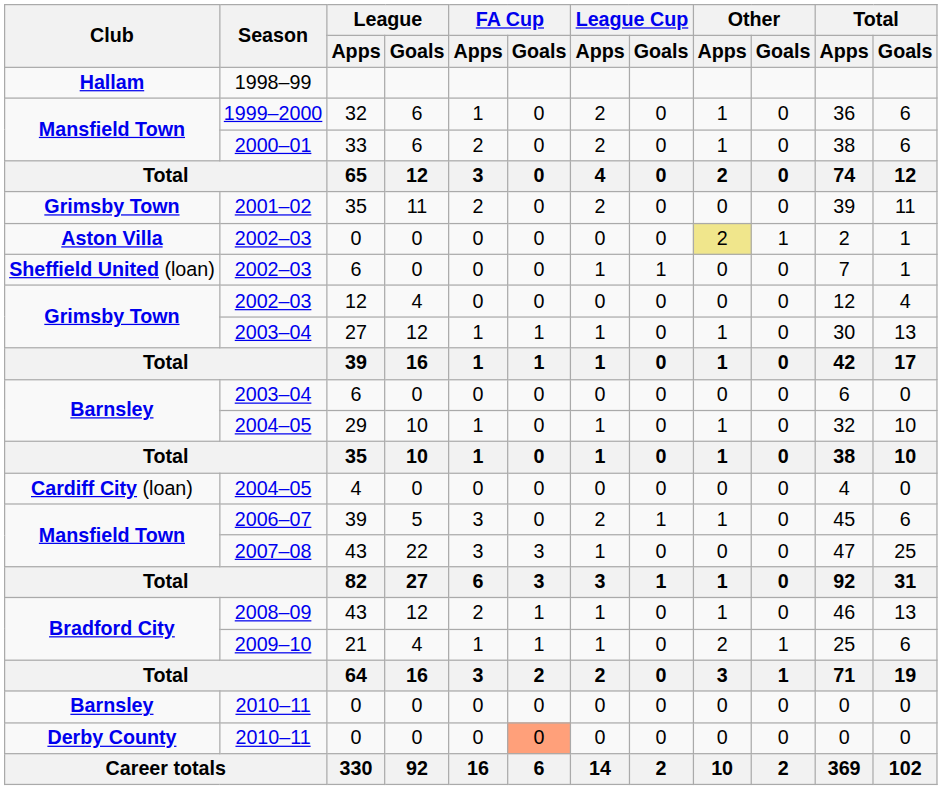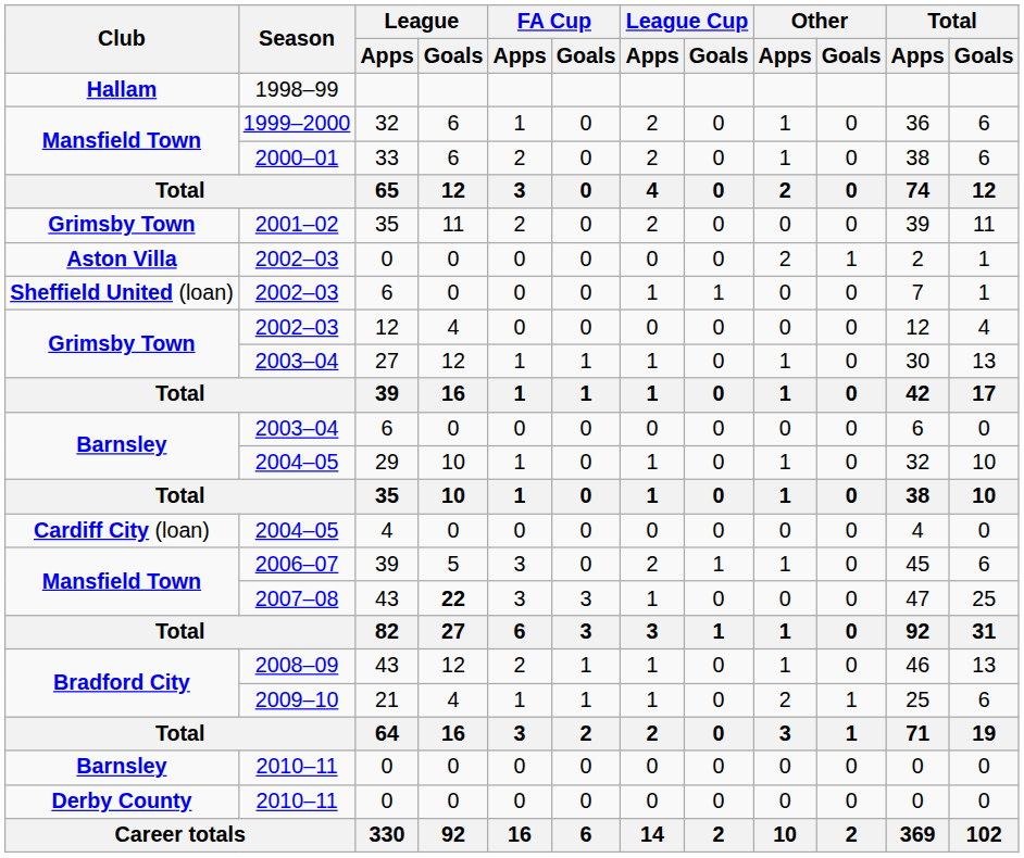 <table class="wikitable" style="text-align: center;">
 <tr>
 <th rowspan="2">Club</th>
 <th rowspan="2">Season</th>
 <th colspan="2">League</th>
 <th colspan="2"><a href='#'>FA Cup</a></th>
 <th colspan="2"><a href='#'>League Cup</a></th>
 <th colspan="2">Other</th>
 <th colspan="2">Total</th>
 </tr>
 <tr>
 <th>Apps</th>
 <th>Goals</th>
 <th>Apps</th>
 <th>Goals</th>
 <th>Apps</th>
 <th>Goals</th>
 <th>Apps</th>
 <th>Goals</th>
 <th>Apps</th>
 <th>Goals</th>
 </tr>
 <tr>
 <td valign="center"><strong><a href='#'>Hallam</a></strong></td>
 <td>1998–99</td>
 <td></td>
 <td></td>
 <td></td>
 <td></td>
 <td></td>
 <td></td>
 <td></td>
 <td></td>
 <td></td>
 <td></td>
 </tr>
 <tr>
 <td rowspan="2" valign="center"><strong><a href='#'>Mansfield Town</a></strong></td>
 <td><a href='#'>1999–2000</a></td>
 <td>32</td>
 <td>6</td>
 <td>1</td>
 <td>0</td>
 <td>2</td>
 <td>0</td>
 <td>1</td>
 <td>0</td>
 <td>36</td>
 <td>6</td>
 </tr>
 <tr>
 <td><a href='#'>2000–01</a></td>
 <td>33</td>
 <td>6</td>
 <td>2</td>
 <td>0</td>
 <td>2</td>
 <td>0</td>
 <td>1</td>
 <td>0</td>
 <td>38</td>
 <td>6</td>
 </tr>
 <tr>
 <th colspan="2">Total</th>
 <th>65</th>
 <th>12</th>
 <th>3</th>
 <th>0</th>
 <th>4</th>
 <th>0</th>
 <th>2</th>
 <th>0</th>
 <th>74</th>
 <th>12</th>
 </tr>
 <tr>
 <td valign="center"><strong><a href='#'>Grimsby Town</a></strong></td>
 <td><a href='#'>2001–02</a></td>
 <td>35</td>
 <td>11</td>
 <td>2</td>
 <td>0</td>
 <td>2</td>
 <td>0</td>
 <td>0</td>
 <td>0</td>
 <td>39</td>
 <td>11</td>
 </tr>
 <tr>
 <td valign="center"><strong><a href='#'>Aston Villa</a></strong></td>
 <td><a href='#'>2002–03</a></td>
 <td>0</td>
 <td>0</td>
 <td>0</td>
 <td>0</td>
 <td>0</td>
 <td>0</td>
-<td style="background: khaki;">2</td>
+<td>2</td>
 <td>1</td>
 <td>2</td>
 <td>1</td>
 </tr>
 <tr>
 <td valign="center"><strong><a href='#'>Sheffield United</a></strong> (loan)</td>
 <td><a href='#'>2002–03</a></td>
 <td>6</td>
 <td>0</td>
 <td>0</td>
 <td>0</td>
 <td>1</td>
 <td>1</td>
 <td>0</td>
 <td>0</td>
 <td>7</td>
 <td>1</td>
 </tr>
 <tr>
 <td rowspan="2" valign="center"><strong><a href='#'>Grimsby Town</a></strong></td>
 <td><a href='#'>2002–03</a></td>
 <td>12</td>
 <td>4</td>
 <td>0</td>
 <td>0</td>
 <td>0</td>
 <td>0</td>
 <td>0</td>
 <td>0</td>
 <td>12</td>
 <td>4</td>
 </tr>
 <tr>
 <td><a href='#'>2003–04</a></td>
 <td>27</td>
 <td>12</td>
 <td>1</td>
 <td>1</td>
 <td>1</td>
 <td>0</td>
 <td>1</td>
 <td>0</td>
 <td>30</td>
 <td>13</td>
 </tr>
 <tr>
 <th colspan="2">Total</th>
 <th>39</th>
 <th>16</th>
 <th>1</th>
 <th>1</th>
 <th>1</th>
 <th>0</th>
 <th>1</th>
 <th>0</th>
 <th>42</th>
 <th>17</th>
 </tr>
 <tr>
 <td rowspan="2" valign="center"><strong><a href='#'>Barnsley</a></strong></td>
 <td><a href='#'>2003–04</a></td>
 <td>6</td>
 <td>0</td>
 <td>0</td>
 <td>0</td>
 <td>0</td>
 <td>0</td>
 <td>0</td>
 <td>0</td>
 <td>6</td>
 <td>0</td>
 </tr>
 <tr>
 <td><a href='#'>2004–05</a></td>
 <td>29</td>
 <td>10</td>
 <td>1</td>
 <td>0</td>
 <td>1</td>
 <td>0</td>
 <td>1</td>
 <td>0</td>
 <td>32</td>
 <td>10</td>
 </tr>
 <tr>
 <th colspan="2">Total</th>
 <th>35</th>
 <th>10</th>
 <th>1</th>
 <th>0</th>
 <th>1</th>
 <th>0</th>
 <th>1</th>
 <th>0</th>
 <th>38</th>
 <th>10</th>
 </tr>
 <tr>
 <td valign="center"><strong><a href='#'>Cardiff City</a></strong> (loan)</td>
 <td><a href='#'>2004–05</a></td>
 <td>4</td>
 <td>0</td>
 <td>0</td>
 <td>0</td>
 <td>0</td>
 <td>0</td>
 <td>0</td>
 <td>0</td>
 <td>4</td>
 <td>0</td>
 </tr>
 <tr>
 <td rowspan="2" valign="center"><strong><a href='#'>Mansfield Town</a></strong></td>
 <td><a href='#'>2006–07</a></td>
 <td>39</td>
 <td>5</td>
 <td>3</td>
 <td>0</td>
 <td>2</td>
 <td>1</td>
 <td>1</td>
 <td>0</td>
 <td>45</td>
 <td>6</td>
 </tr>
 <tr>
 <td><a href='#'>2007–08</a></td>
 <td>43</td>
-<td>22</td>
+<td><strong>22</strong></td>
 <td>3</td>
 <td>3</td>
 <td>1</td>
 <td>0</td>
 <td>0</td>
 <td>0</td>
 <td>47</td>
 <td>25</td>
 </tr>
 <tr>
 <th colspan="2">Total</th>
 <th>82</th>
 <th>27</th>
 <th>6</th>
 <th>3</th>
 <th>3</th>
 <th>1</th>
 <th>1</th>
 <th>0</th>
 <th>92</th>
 <th>31</th>
 </tr>
 <tr>
 <td rowspan="2" valign="center"><strong><a href='#'>Bradford City</a></strong></td>
 <td><a href='#'>2008–09</a></td>
 <td>43</td>
 <td>12</td>
 <td>2</td>
 <td>1</td>
 <td>1</td>
 <td>0</td>
 <td>1</td>
 <td>0</td>
 <td>46</td>
 <td>13</td>
 </tr>
 <tr>
 <td><a href='#'>2009–10</a></td>
 <td>21</td>
 <td>4</td>
 <td>1</td>
 <td>1</td>
 <td>1</td>
 <td>0</td>
 <td>2</td>
 <td>1</td>
 <td>25</td>
 <td>6</td>
 </tr>
 <tr>
 <th colspan="2">Total</th>
 <th>64</th>
 <th>16</th>
 <th>3</th>
 <th>2</th>
 <th>2</th>
 <th>0</th>
 <th>3</th>
 <th>1</th>
 <th>71</th>
 <th>19</th>
 </tr>
 <tr>
 <td valign="center"><strong><a href='#'>Barnsley</a></strong></td>
 <td><a href='#'>2010–11</a></td>
 <td>0</td>
 <td>0</td>
 <td>0</td>
 <td>0</td>
 <td>0</td>
 <td>0</td>
 <td>0</td>
 <td>0</td>
 <td>0</td>
 <td>0</td>
 </tr>
 <tr>
 <td valign="center"><strong><a href='#'>Derby County</a></strong></td>
 <td><a href='#'>2010–11</a></td>
 <td>0</td>
 <td>0</td>
 <td>0</td>
-<td style="background: lightsalmon;">0</td>
+<td>0</td>
 <td>0</td>
 <td>0</td>
 <td>0</td>
 <td>0</td>
 <td>0</td>
 <td>0</td>
 </tr>
 <tr>
 <th colspan="2">Career totals</th>
 <th>330</th>
 <th>92</th>
 <th>16</th>
 <th>6</th>
 <th>14</th>
 <th>2</th>
 <th>10</th>
 <th>2</th>
 <th>369</th>
 <th>102</th>
 </tr>
 </table>
